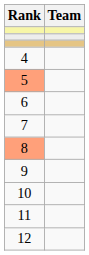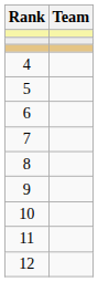 <table class="wikitable" style="text-align:center">
 <tr>
 <th>Rank</th>
 <th>Team</th>
 </tr>
 <tr bgcolor=#F7F6A8>
 <td></td>
 <td align=left></td>
 </tr>
 <tr bgcolor=#EDEDED>
 <td></td>
 <td align=left></td>
 </tr>
 <tr bgcolor=#E5C585>
 <td></td>
 <td align=left></td>
 </tr>
 <tr>
 <td>4</td>
 <td align=left></td>
 </tr>
 <tr>
-<td style="background: lightsalmon;">5</td>
+<td>5</td>
 <td align=left></td>
 </tr>
 <tr>
 <td>6</td>
 <td align=left></td>
 </tr>
 <tr>
 <td>7</td>
 <td align=left></td>
 </tr>
 <tr>
-<td style="background: lightsalmon;">8</td>
+<td>8</td>
 <td align=left></td>
 </tr>
 <tr>
 <td>9</td>
 <td align=left></td>
 </tr>
 <tr>
 <td>10</td>
 <td align=left></td>
 </tr>
 <tr>
 <td>11</td>
 <td align=left></td>
 </tr>
 <tr>
 <td>12</td>
 <td align=left></td>
 </tr>
 </table>
